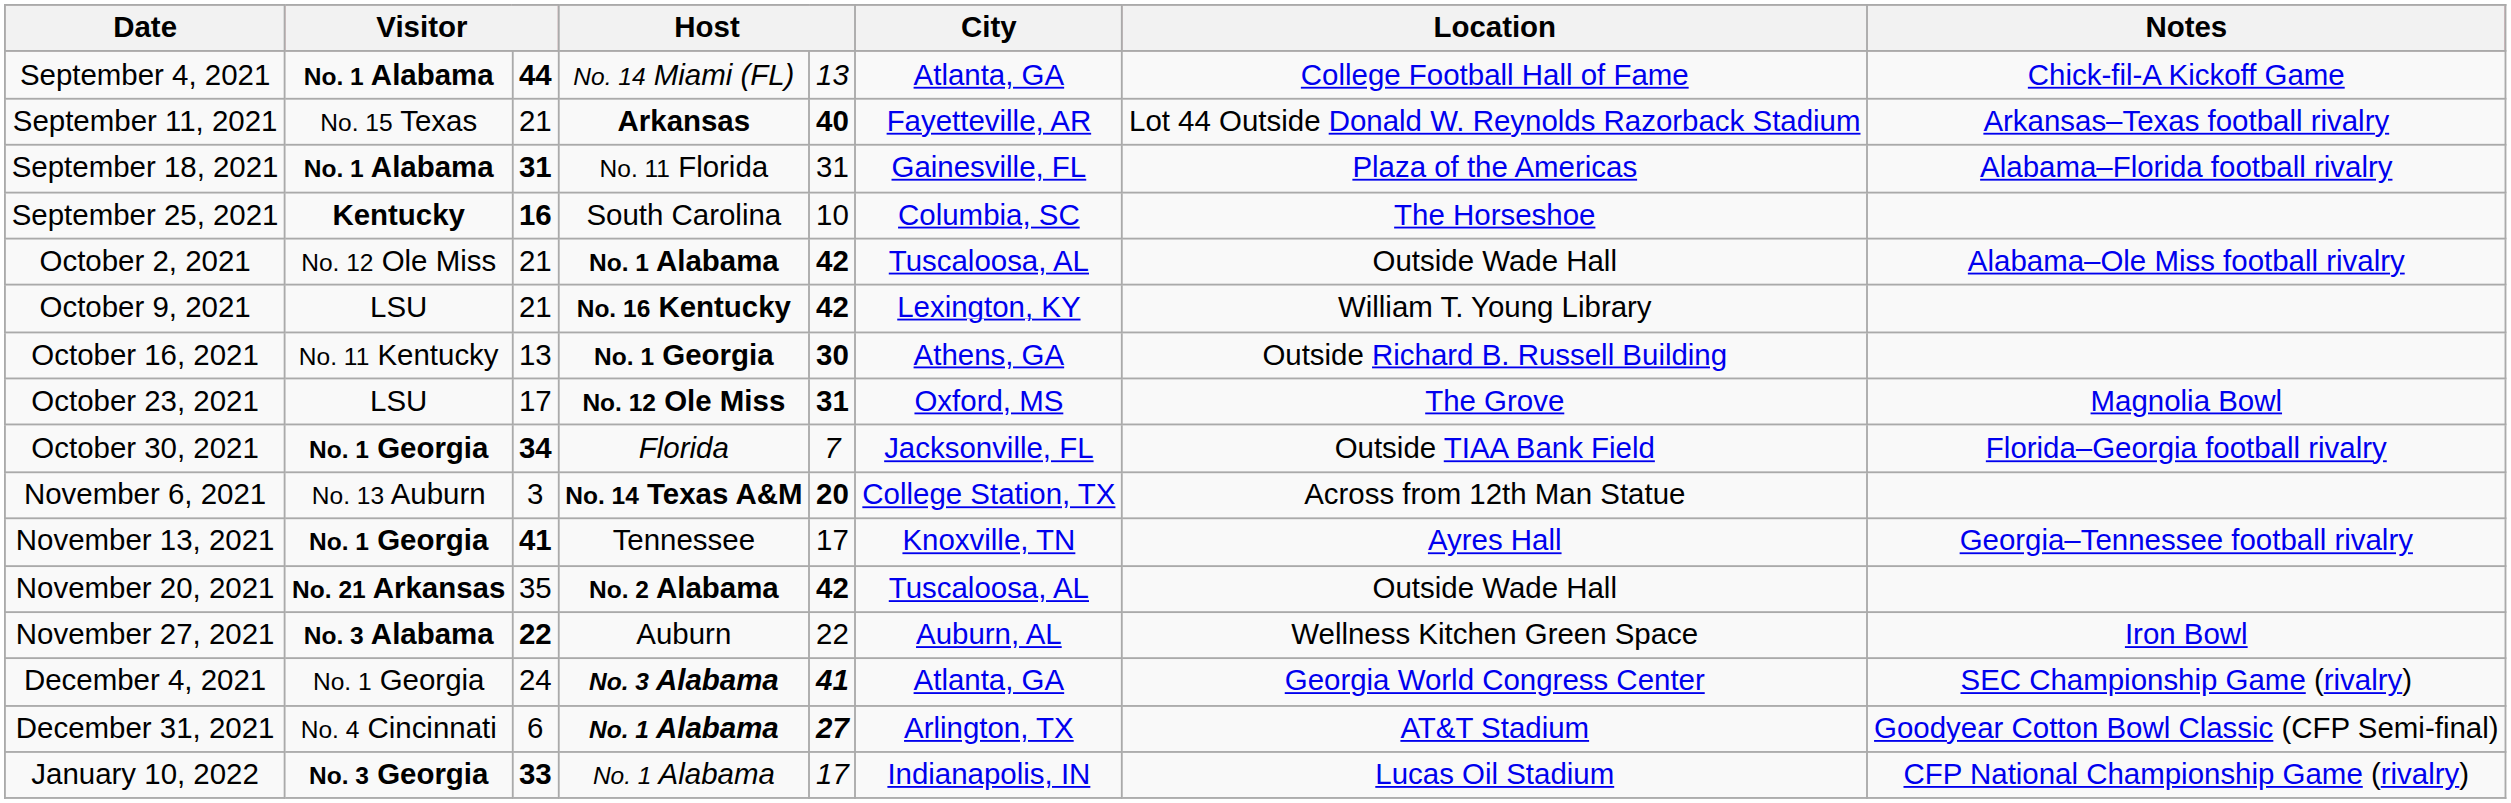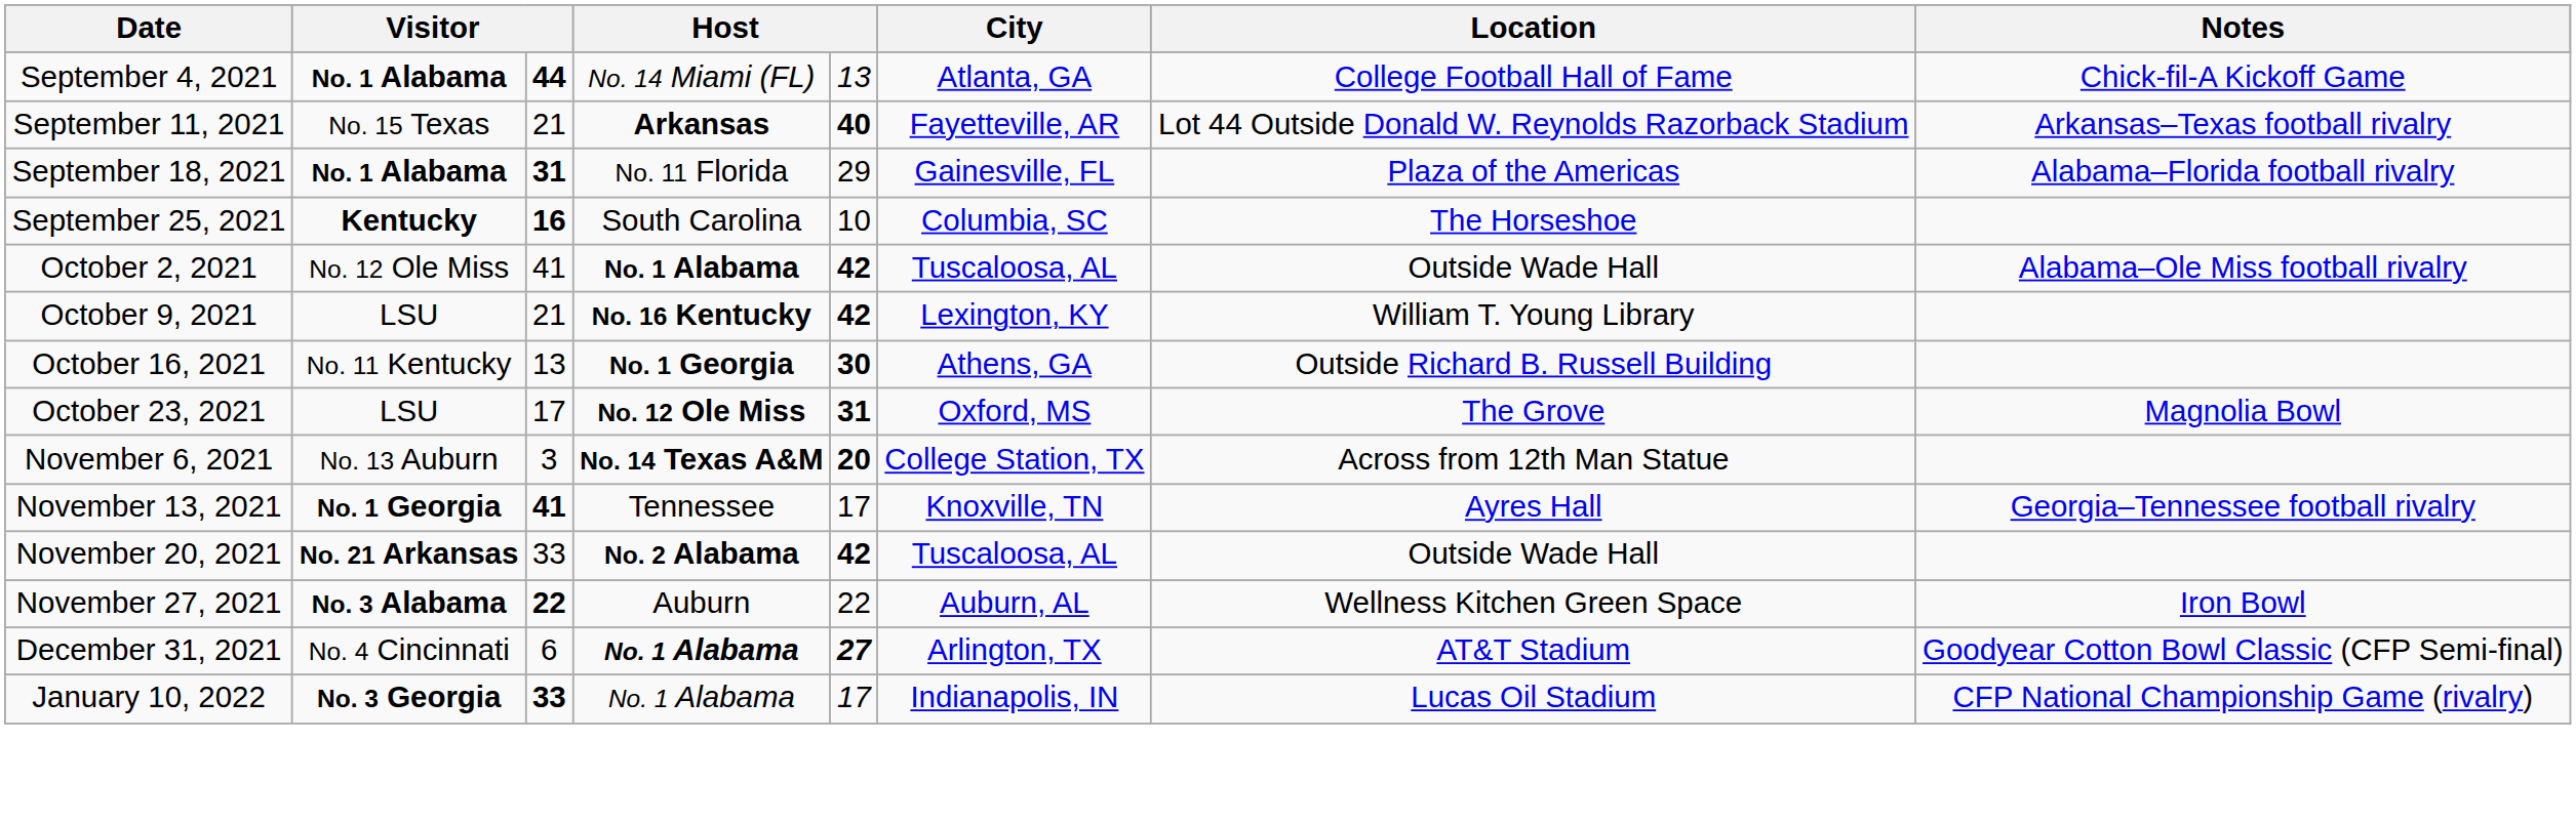 <table class="wikitable" style="text-align:center">
 <tr style="background:#A32638;"|>
 <th>Date</th>
 <th colspan=2>Visitor</th>
 <th colspan=2>Host</th>
 <th>City</th>
 <th>Location</th>
 <th>Notes</th>
 </tr>
 <tr>
 <td>September 4, 2021</td>
 <td><strong><small>No. 1</small> Alabama</strong></td>
 <td><strong>44</strong></td>
 <td><em><small>No. 14</small> Miami (FL)</em></td>
 <td><em>13</em></td>
 <td><a href='#'>Atlanta, GA</a></td>
 <td><a href='#'>College Football Hall of Fame</a></td>
 <td><a href='#'>Chick-fil-A Kickoff Game</a></td>
 </tr>
 <tr>
 <td>September 11, 2021</td>
 <td><small>No. 15</small> Texas</td>
 <td>21</td>
 <td><strong>Arkansas</strong></td>
 <td><strong>40</strong></td>
 <td><a href='#'>Fayetteville, AR</a></td>
 <td>Lot 44 Outside <a href='#'>Donald W. Reynolds Razorback Stadium</a></td>
 <td><a href='#'>Arkansas–Texas football rivalry</a></td>
 </tr>
 <tr>
 <td>September 18, 2021</td>
 <td><strong><small>No. 1</small> Alabama</strong></td>
 <td><strong>31</strong></td>
 <td><small>No. 11</small> Florida</td>
-<td>31</td>
+<td>29</td>
 <td><a href='#'>Gainesville, FL</a></td>
 <td><a href='#'>Plaza of the Americas</a></td>
 <td><a href='#'>Alabama–Florida football rivalry</a></td>
 </tr>
 <tr>
 <td>September 25, 2021</td>
 <td><strong>Kentucky</strong></td>
 <td><strong>16</strong></td>
 <td>South Carolina</td>
 <td>10</td>
 <td><a href='#'>Columbia, SC</a></td>
 <td><a href='#'>The Horseshoe</a></td>
 <td></td>
 </tr>
 <tr>
 <td>October 2, 2021</td>
 <td><small>No. 12</small>  Ole Miss</td>
-<td>21</td>
+<td>41</td>
 <td><strong><small>No. 1</small> Alabama</strong></td>
 <td><strong>42</strong></td>
 <td><a href='#'>Tuscaloosa, AL</a></td>
 <td>Outside Wade Hall</td>
 <td><a href='#'>Alabama–Ole Miss football rivalry</a></td>
 </tr>
 <tr>
 <td>October 9, 2021</td>
 <td>LSU</td>
 <td>21</td>
 <td><strong><small>No. 16</small> Kentucky</strong></td>
 <td><strong>42</strong></td>
 <td><a href='#'>Lexington, KY</a></td>
 <td>William T. Young Library</td>
 <td></td>
 </tr>
 <tr>
 <td>October 16, 2021</td>
 <td><small>No. 11</small> Kentucky</td>
 <td>13</td>
 <td><strong><small>No. 1</small> Georgia</strong></td>
 <td><strong>30</strong></td>
 <td><a href='#'>Athens, GA</a></td>
 <td>Outside <a href='#'>Richard B. Russell Building</a></td>
 <td></td>
 </tr>
 <tr>
 <td>October 23, 2021</td>
 <td>LSU</td>
 <td>17</td>
 <td><strong><small>No. 12</small> Ole Miss</strong></td>
 <td><strong>31</strong></td>
 <td><a href='#'>Oxford, MS</a></td>
 <td><a href='#'>The Grove</a></td>
 <td><a href='#'>Magnolia Bowl</a></td>
 </tr>
 <tr>
-<td>October 30, 2021</td>
-<td><strong><small>No. 1</small> Georgia</strong></td>
-<td><strong>34</strong></td>
-<td><em> Florida</em></td>
-<td><em>7</em></td>
-<td><a href='#'>Jacksonville, FL</a></td>
-<td>Outside <a href='#'>TIAA Bank Field</a></td>
-<td><a href='#'>Florida–Georgia football rivalry</a></td>
-</tr>
-<tr>
 <td>November 6, 2021</td>
 <td><small>No. 13</small> Auburn</td>
 <td>3</td>
 <td><strong><small>No. 14</small> Texas A&M</strong></td>
 <td><strong>20</strong></td>
 <td><a href='#'>College Station, TX</a></td>
 <td>Across from 12th Man Statue</td>
 <td></td>
 </tr>
 <tr>
 <td>November 13, 2021</td>
 <td><strong><small>No. 1</small> Georgia</strong></td>
 <td><strong>41</strong></td>
 <td>Tennessee</td>
 <td>17</td>
 <td><a href='#'>Knoxville, TN</a></td>
 <td><a href='#'>Ayres Hall</a></td>
 <td><a href='#'>Georgia–Tennessee football rivalry</a></td>
 </tr>
 <tr>
 <td>November 20, 2021</td>
 <td><strong><small>No. 21</small>  Arkansas</strong></td>
-<td>35</td>
+<td>33</td>
 <td><strong><small>No. 2</small> Alabama</strong></td>
 <td><strong>42</strong></td>
 <td><a href='#'>Tuscaloosa, AL</a></td>
 <td>Outside Wade Hall</td>
 <td></td>
 </tr>
 <tr>
 <td>November 27, 2021</td>
 <td><strong><small>No. 3</small> Alabama</strong></td>
 <td><strong>22</strong></td>
 <td>Auburn</td>
 <td>22</td>
 <td><a href='#'>Auburn, AL</a></td>
 <td>Wellness Kitchen Green Space</td>
 <td><a href='#'>Iron Bowl</a></td>
-</tr>
-<tr>
-<td>December 4, 2021</td>
-<td><small>No. 1</small> Georgia</td>
-<td>24</td>
-<td><strong><em><small>No. 3</small> Alabama</em></strong></td>
-<td><strong><em>41</em></strong></td>
-<td><a href='#'>Atlanta, GA</a></td>
-<td><a href='#'>Georgia World Congress Center</a></td>
-<td><a href='#'>SEC Championship Game</a> (<a href='#'>rivalry</a>)</td>
 </tr>
 <tr>
 <td>December 31, 2021</td>
 <td><small>No. 4</small> Cincinnati</td>
 <td>6</td>
 <td><strong><em><small>No. 1</small> Alabama</em></strong></td>
 <td><strong><em>27</em></strong></td>
 <td><a href='#'>Arlington, TX</a></td>
 <td><a href='#'>AT&T Stadium</a></td>
 <td><a href='#'>Goodyear Cotton Bowl Classic</a> (CFP Semi-final)</td>
 </tr>
 <tr>
 <td>January 10, 2022</td>
 <td><strong><small>No. 3</small> Georgia</strong></td>
 <td><strong>33</strong></td>
 <td><em><small>No. 1</small> Alabama</em></td>
 <td><em>17</em></td>
 <td><a href='#'>Indianapolis, IN</a></td>
 <td><a href='#'>Lucas Oil Stadium</a></td>
 <td><a href='#'>CFP National Championship Game</a> (<a href='#'>rivalry</a>)</td>
 </tr>
 </table>
